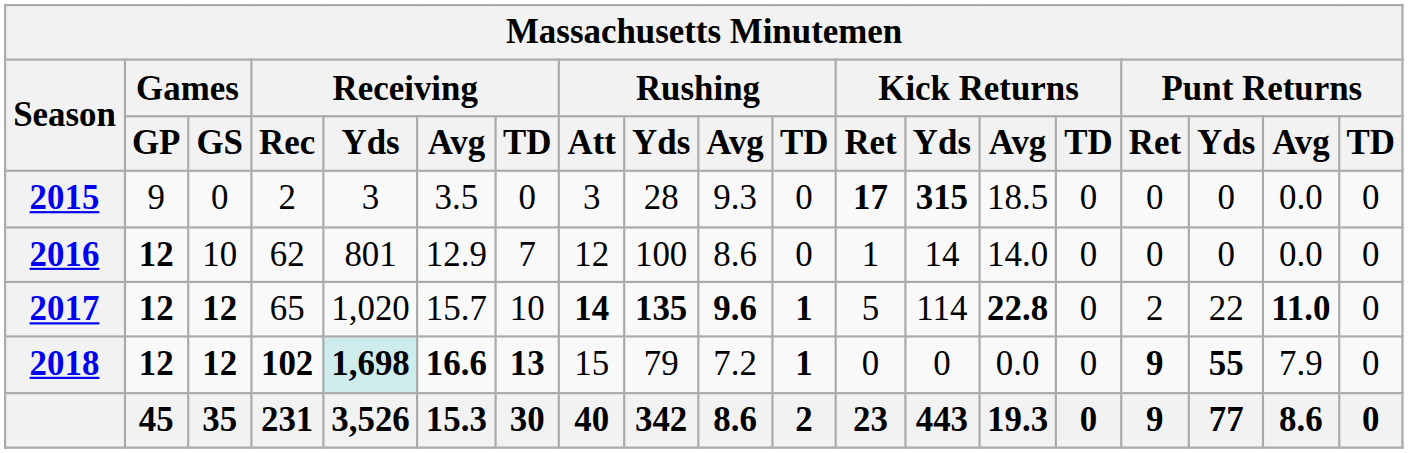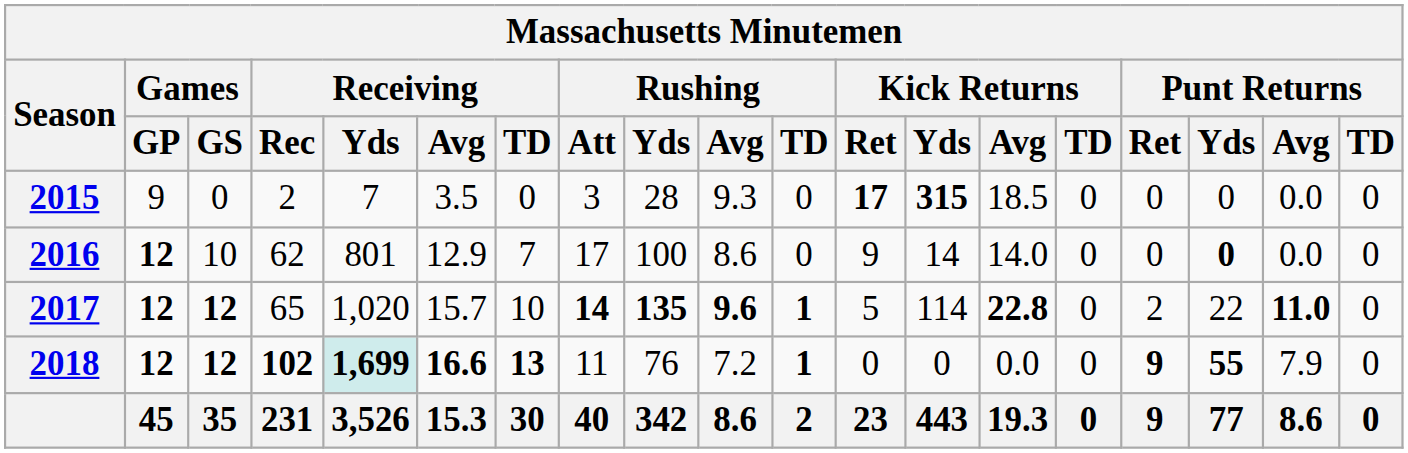 <table class="wikitable" style="text-align:center;">
 <tr>
 <th colspan="20">Massachusetts Minutemen</th>
 </tr>
 <tr>
 <th rowspan="2">Season</th>
 <th colspan="2">Games</th>
 <th colspan="4">Receiving</th>
 <th colspan="4">Rushing</th>
 <th colspan="4">Kick Returns</th>
 <th colspan="4">Punt Returns</th>
 </tr>
 <tr>
 <th>GP</th>
 <th>GS</th>
 <th>Rec</th>
 <th>Yds</th>
 <th>Avg</th>
 <th>TD</th>
 <th>Att</th>
 <th>Yds</th>
 <th>Avg</th>
 <th>TD</th>
 <th>Ret</th>
 <th>Yds</th>
 <th>Avg</th>
 <th>TD</th>
 <th>Ret</th>
 <th>Yds</th>
 <th>Avg</th>
 <th>TD</th>
 </tr>
 <tr>
 <th><a href='#'>2015</a></th>
 <td>9</td>
 <td>0</td>
 <td>2</td>
-<td>3</td>
+<td>7</td>
 <td>3.5</td>
 <td>0</td>
 <td>3</td>
 <td>28</td>
 <td>9.3</td>
 <td>0</td>
 <td><strong>17</strong></td>
 <td><strong>315</strong></td>
 <td>18.5</td>
 <td>0</td>
 <td>0</td>
 <td>0</td>
 <td>0.0</td>
 <td>0</td>
 </tr>
 <tr>
 <th><a href='#'>2016</a></th>
 <td><strong>12</strong></td>
 <td>10</td>
 <td>62</td>
 <td>801</td>
 <td>12.9</td>
 <td>7</td>
-<td>12</td>
+<td>17</td>
 <td>100</td>
 <td>8.6</td>
 <td>0</td>
-<td>1</td>
+<td>9</td>
 <td>14</td>
 <td>14.0</td>
 <td>0</td>
 <td>0</td>
-<td>0</td>
+<td><strong>0</strong></td>
 <td>0.0</td>
 <td>0</td>
 </tr>
 <tr>
 <th><a href='#'>2017</a></th>
 <td><strong>12</strong></td>
 <td><strong>12</strong></td>
 <td>65</td>
 <td>1,020</td>
 <td>15.7</td>
 <td>10</td>
 <td><strong>14</strong></td>
 <td><strong>135</strong></td>
 <td><strong>9.6</strong></td>
 <td><strong>1</strong></td>
 <td>5</td>
 <td>114</td>
 <td><strong>22.8</strong></td>
 <td>0</td>
 <td>2</td>
 <td>22</td>
 <td><strong>11.0</strong></td>
 <td>0</td>
 </tr>
 <tr>
 <th><a href='#'>2018</a></th>
 <td><strong>12</strong></td>
 <td><strong>12</strong></td>
 <td><strong>102</strong></td>
-<td style="background: #CFECEC;"><strong>1,698</strong></td>
+<td style="background: #CFECEC;"><strong>1,699</strong></td>
 <td><strong>16.6</strong></td>
 <td><strong>13</strong></td>
-<td>15</td>
-<td>79</td>
+<td>11</td>
+<td>76</td>
 <td>7.2</td>
 <td><strong>1</strong></td>
 <td>0</td>
 <td>0</td>
 <td>0.0</td>
 <td>0</td>
 <td><strong>9</strong></td>
 <td><strong>55</strong></td>
 <td>7.9</td>
 <td>0</td>
 </tr>
 <tr>
 <th></th>
 <th>45</th>
 <th>35</th>
 <th>231</th>
 <th>3,526</th>
 <th>15.3</th>
 <th>30</th>
 <th>40</th>
 <th>342</th>
 <th>8.6</th>
 <th>2</th>
 <th>23</th>
 <th>443</th>
 <th>19.3</th>
 <th>0</th>
 <th>9</th>
 <th>77</th>
 <th>8.6</th>
 <th>0</th>
 </tr>
 </table>
